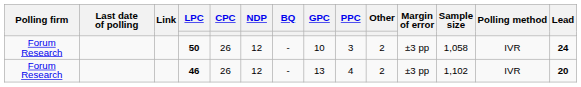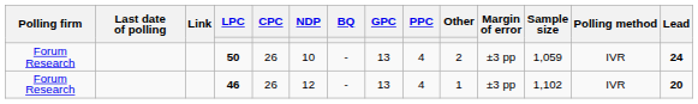 <table class="wikitable sortable mw-datatable" style="text-align:center;font-size:90%;line-height:14px;">
 <tr style="height:40px;">
 <th style="width:105px;" rowspan="2">Polling firm</th>
 <th style="width:105px;" rowspan="2">Last date<br>of polling</th>
 <th rowspan="2">Link</th>
 <th class="unsortable" style="width:40px;"><a href='#'>LPC</a></th>
 <th class="unsortable" style="width:40px;"><a href='#'>CPC</a></th>
 <th class="unsortable" style="width:40px;"><a href='#'>NDP</a></th>
 <th class="unsortable" style="width:40px;"><a href='#'>BQ</a></th>
 <th class="unsortable" style="width:40px;"><a href='#'>GPC</a></th>
 <th class="unsortable" style="width:40px;"><a href='#'>PPC</a></th>
 <th class="unsortable" style="width:40px;">Other</th>
 <th rowspan="2">Margin<br>of error</th>
 <th rowspan="2">Sample<br>size</th>
 <th rowspan="2">Polling method</th>
 <th rowspan="2">Lead</th>
 </tr>
 <tr>
 <th style="background:"></th>
 <th style="background:"></th>
 <th style="background:"></th>
 <th style="background:"></th>
 <th style="background:"></th>
 <th style="background:"></th>
 <th style="background:"></th>
 </tr>
 <tr>
 <td><a href='#'>Forum Research</a></td>
 <td></td>
 <td></td>
 <td><strong>50</strong></td>
 <td>26</td>
-<td>12</td>
+<td>10</td>
 <td>-</td>
-<td>10</td>
-<td>3</td>
+<td>13</td>
+<td>4</td>
 <td>2</td>
 <td>±3 pp</td>
-<td>1,058</td>
+<td>1,059</td>
 <td>IVR</td>
 <td><strong>24</strong></td>
 </tr>
 <tr>
 <td><a href='#'>Forum Research</a></td>
 <td></td>
 <td></td>
 <td><strong>46</strong></td>
 <td>26</td>
 <td>12</td>
 <td>-</td>
 <td>13</td>
 <td>4</td>
-<td>2</td>
+<td>1</td>
 <td>±3 pp</td>
 <td>1,102</td>
 <td>IVR</td>
 <td><strong>20</strong></td>
 </tr>
 </table>
